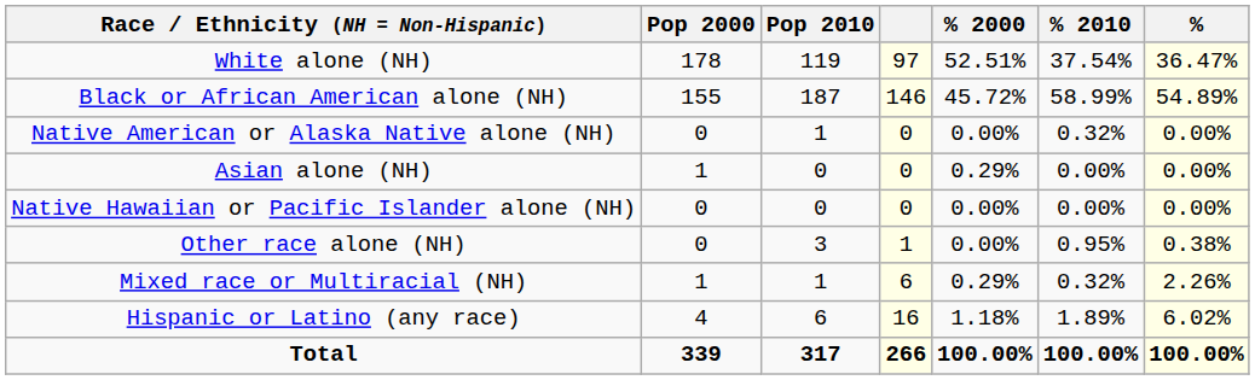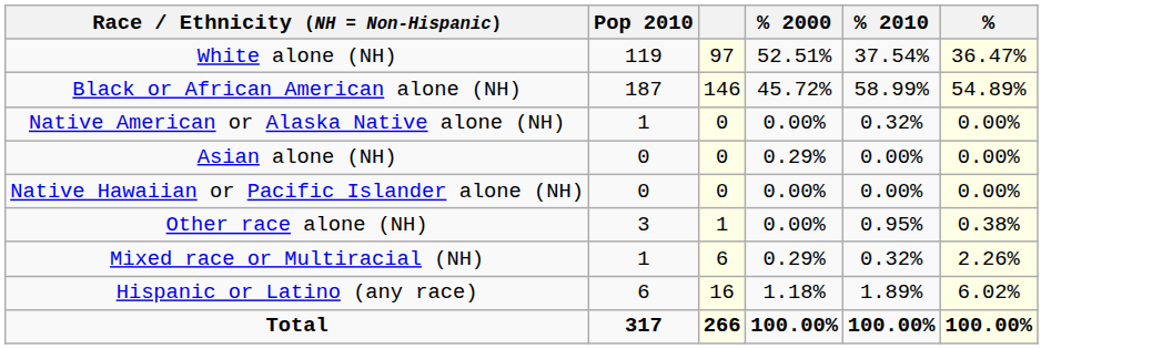 <table class="wikitable" style="text-align:center;">
 <tr>
 <th>Race / Ethnicity <small>(<em>NH = Non-Hispanic</em>)</small></th>
-<th>Pop 2000</th>
 <th>Pop 2010</th>
 <th></th>
 <th>% 2000</th>
 <th>% 2010</th>
 <th>% </th>
 </tr>
 <tr>
 <td><a href='#'>White</a> alone (NH)</td>
-<td>178</td>
 <td>119</td>
 <td style='background: #ffffe6;'>97</td>
 <td>52.51%</td>
 <td>37.54%</td>
 <td style='background: #ffffe6;'>36.47%</td>
 </tr>
 <tr>
 <td><a href='#'>Black or African American</a> alone (NH)</td>
-<td>155</td>
 <td>187</td>
 <td style='background: #ffffe6;'>146</td>
 <td>45.72%</td>
 <td>58.99%</td>
 <td style='background: #ffffe6;'>54.89%</td>
 </tr>
 <tr>
 <td><a href='#'>Native American</a> or <a href='#'>Alaska Native</a> alone (NH)</td>
-<td>0</td>
 <td>1</td>
 <td style='background: #ffffe6;'>0</td>
 <td>0.00%</td>
 <td>0.32%</td>
 <td style='background: #ffffe6;'>0.00%</td>
 </tr>
 <tr>
 <td><a href='#'>Asian</a> alone (NH)</td>
-<td>1</td>
 <td>0</td>
 <td style='background: #ffffe6;'>0</td>
 <td>0.29%</td>
 <td>0.00%</td>
 <td style='background: #ffffe6;'>0.00%</td>
 </tr>
 <tr>
 <td><a href='#'>Native Hawaiian</a> or <a href='#'>Pacific Islander</a> alone (NH)</td>
 <td>0</td>
-<td>0</td>
 <td style='background: #ffffe6;'>0</td>
 <td>0.00%</td>
 <td>0.00%</td>
 <td style='background: #ffffe6;'>0.00%</td>
 </tr>
 <tr>
 <td><a href='#'>Other race</a> alone (NH)</td>
-<td>0</td>
 <td>3</td>
 <td style='background: #ffffe6;'>1</td>
 <td>0.00%</td>
 <td>0.95%</td>
 <td style='background: #ffffe6;'>0.38%</td>
 </tr>
 <tr>
 <td><a href='#'>Mixed race or Multiracial</a> (NH)</td>
 <td>1</td>
-<td>1</td>
 <td style='background: #ffffe6;'>6</td>
 <td>0.29%</td>
 <td>0.32%</td>
 <td style='background: #ffffe6;'>2.26%</td>
 </tr>
 <tr>
 <td><a href='#'>Hispanic or Latino</a> (any race)</td>
-<td>4</td>
 <td>6</td>
 <td style='background: #ffffe6;'>16</td>
 <td>1.18%</td>
 <td>1.89%</td>
 <td style='background: #ffffe6;'>6.02%</td>
 </tr>
 <tr>
 <td><strong>Total</strong></td>
-<td><strong>339</strong></td>
 <td><strong>317</strong></td>
 <td style='background: #ffffe6;'><strong>266</strong></td>
 <td><strong>100.00%</strong></td>
 <td><strong>100.00%</strong></td>
 <td style='background: #ffffe6;'><strong>100.00%</strong></td>
 </tr>
 </table>
